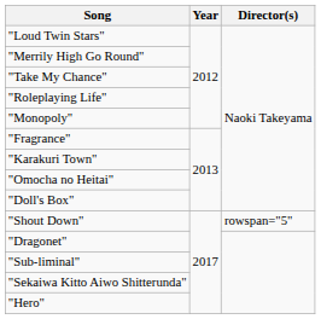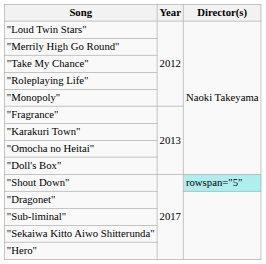 <table class="wikitable">
 <tr>
 <th>Song</th>
 <th>Year<br></th>
 <th>Director(s)</th>
 </tr>
 <tr>
 <td>"Loud Twin Stars"</td>
 <td rowspan="5">2012</td>
 <td rowspan="9">Naoki Takeyama</td>
 </tr>
 <tr>
 <td>"Merrily High Go Round"</td>
 </tr>
 <tr>
 <td>"Take My Chance"</td>
 </tr>
 <tr>
 <td>"Roleplaying Life"</td>
 </tr>
 <tr>
 <td>"Monopoly"</td>
 </tr>
 <tr>
 <td>"Fragrance"</td>
 <td rowspan="4">2013</td>
 </tr>
 <tr>
 <td>"Karakuri Town"</td>
 </tr>
 <tr>
 <td>"Omocha no Heitai"</td>
 </tr>
 <tr>
 <td>"Doll's Box"</td>
 </tr>
 <tr>
 <td>"Shout Down"</td>
 <td rowspan="5">2017</td>
-<td>rowspan="5" </td>
+<td style="background: paleturquoise;">rowspan="5" </td>
 </tr>
 <tr>
 <td>"Dragonet"</td>
 </tr>
 <tr>
 <td>"Sub-liminal"</td>
 </tr>
 <tr>
 <td>"Sekaiwa Kitto Aiwo Shitterunda"</td>
 </tr>
 <tr>
 <td>"Hero"</td>
 </tr>
 </table>
